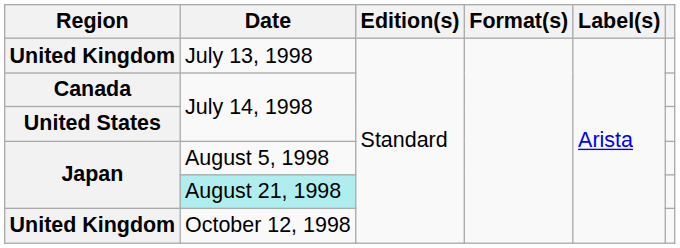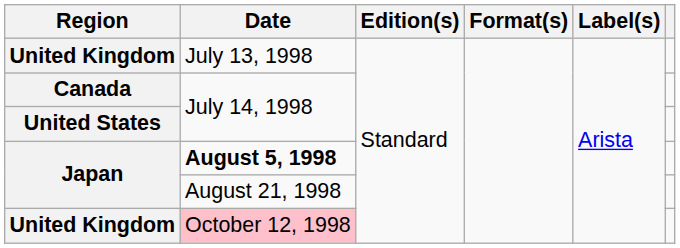 <table class="wikitable sortable plainrowheaders">
 <tr>
 <th scope="col">Region</th>
 <th scope="col">Date</th>
 <th scope="col">Edition(s)</th>
 <th scope="col">Format(s)</th>
 <th scope="col">Label(s)</th>
 <th scope="col"></th>
 </tr>
 <tr>
 <th scope="row">United Kingdom</th>
 <td>July 13, 1998</td>
 <td rowspan="6">Standard</td>
 <td rowspan="6"></td>
 <td rowspan="6"><a href='#'>Arista</a></td>
 <td></td>
 </tr>
 <tr>
 <th scope="row">Canada</th>
 <td rowspan="2">July 14, 1998</td>
 <td></td>
 </tr>
 <tr>
 <th scope="row">United States</th>
 <td></td>
 </tr>
 <tr>
 <th scope="row" rowspan="2">Japan</th>
-<td>August 5, 1998</td>
+<td><strong>August 5, 1998</strong></td>
 <td></td>
 </tr>
 <tr>
-<td style="background: paleturquoise;">August 21, 1998</td>
+<td>August 21, 1998</td>
 <td></td>
 </tr>
 <tr>
 <th scope="row">United Kingdom</th>
-<td>October 12, 1998</td>
+<td style="background: pink;">October 12, 1998</td>
 <td></td>
 </tr>
 </table>
